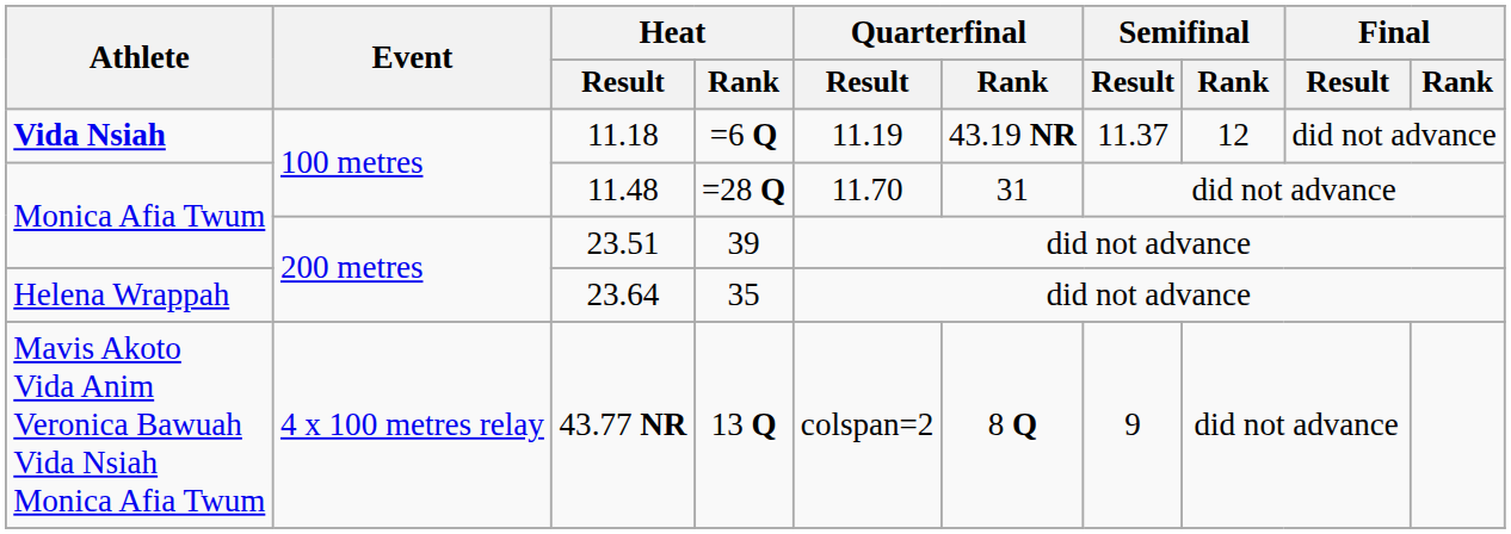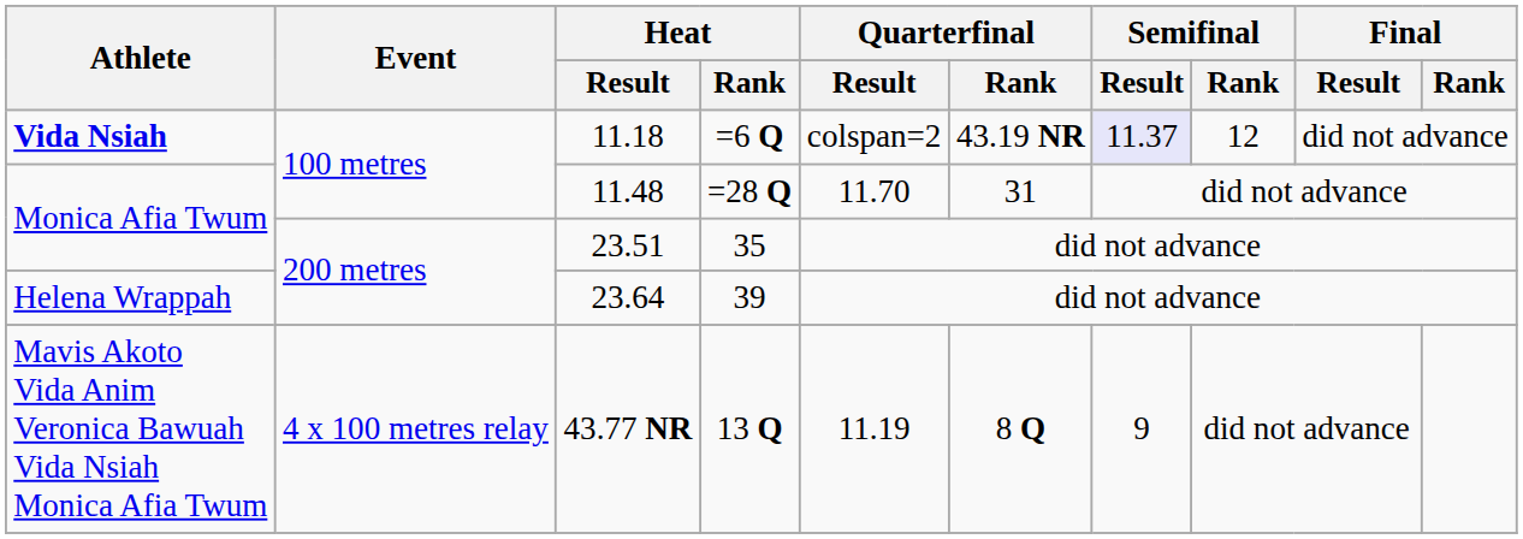 <table class="wikitable" style="font-size:90%">
 <tr>
 <th rowspan="2">Athlete</th>
 <th rowspan="2">Event</th>
 <th colspan="2">Heat</th>
 <th colspan="2">Quarterfinal</th>
 <th colspan="2">Semifinal</th>
 <th colspan="2">Final</th>
 </tr>
 <tr style="font-size:95%">
 <th>Result</th>
 <th>Rank</th>
 <th>Result</th>
 <th>Rank</th>
 <th>Result</th>
 <th>Rank</th>
 <th>Result</th>
 <th>Rank</th>
 </tr>
 <tr align=center>
 <td align=left><strong><a href='#'>Vida Nsiah</a></strong></td>
 <td rowspan=2 align=left><a href='#'>100 metres</a></td>
 <td>11.18</td>
 <td>=6 <strong>Q</strong></td>
-<td>11.19</td>
+<td>colspan=2 </td>
 <td>43.19 <strong>NR</strong></td>
-<td>11.37</td>
+<td style="background: lavender;">11.37</td>
 <td>12</td>
 <td colspan=2>did not advance</td>
 </tr>
 <tr align=center>
 <td rowspan=2 align=left><a href='#'>Monica Afia Twum</a></td>
 <td>11.48</td>
 <td>=28 <strong>Q</strong></td>
 <td>11.70</td>
 <td>31</td>
 <td colspan=4>did not advance</td>
 </tr>
 <tr align=center>
 <td rowspan=2 align=left><a href='#'>200 metres</a></td>
 <td>23.51</td>
-<td>39</td>
+<td>35</td>
 <td colspan=6>did not advance</td>
 </tr>
 <tr align=center>
 <td align=left><a href='#'>Helena Wrappah</a></td>
 <td>23.64</td>
-<td>35</td>
+<td>39</td>
 <td colspan=6>did not advance</td>
 </tr>
 <tr align=center>
 <td align=left><a href='#'>Mavis Akoto</a><br><a href='#'>Vida Anim</a><br><a href='#'>Veronica Bawuah</a><br><a href='#'>Vida Nsiah</a><br><a href='#'>Monica Afia Twum</a></td>
 <td align=left><a href='#'>4 x 100 metres relay</a></td>
 <td>43.77 <strong>NR</strong></td>
 <td>13 <strong>Q</strong></td>
-<td>colspan=2 </td>
+<td>11.19</td>
 <td>8 <strong>Q</strong></td>
 <td>9</td>
 <td colspan=2>did not advance</td>
 </tr>
 </table>
